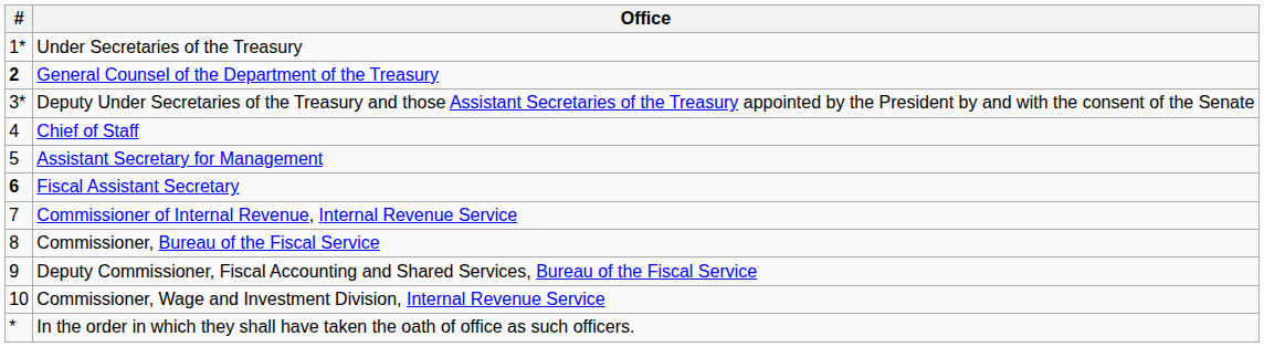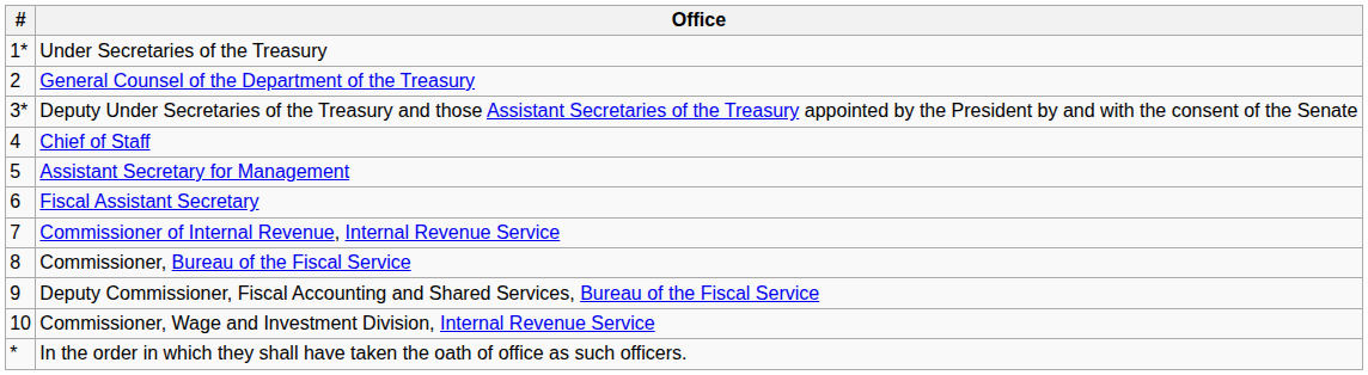 <table class="wikitable">
 <tr>
 <th>#</th>
 <th>Office</th>
 </tr>
 <tr>
 <td>1*</td>
 <td>Under Secretaries of the Treasury</td>
 </tr>
 <tr>
-<td><strong>2</strong></td>
+<td>2</td>
 <td><a href='#'>General Counsel of the Department of the Treasury</a></td>
 </tr>
 <tr>
 <td>3*</td>
 <td>Deputy Under Secretaries of the Treasury and those <a href='#'>Assistant Secretaries of the Treasury</a> appointed by the President by and with the consent of the Senate</td>
 </tr>
 <tr>
 <td>4</td>
 <td><a href='#'>Chief of Staff</a></td>
 </tr>
 <tr>
 <td>5</td>
 <td><a href='#'>Assistant Secretary for Management</a></td>
 </tr>
 <tr>
-<td><strong>6</strong></td>
+<td>6</td>
 <td><a href='#'>Fiscal Assistant Secretary</a></td>
 </tr>
 <tr>
 <td>7</td>
 <td><a href='#'>Commissioner of Internal Revenue</a>, <a href='#'>Internal Revenue Service</a></td>
 </tr>
 <tr>
 <td>8</td>
 <td>Commissioner, <a href='#'>Bureau of the Fiscal Service</a></td>
 </tr>
 <tr>
 <td>9</td>
 <td>Deputy Commissioner, Fiscal Accounting and Shared Services, <a href='#'>Bureau of the Fiscal Service</a></td>
 </tr>
 <tr>
 <td>10</td>
 <td>Commissioner, Wage and Investment Division, <a href='#'>Internal Revenue Service</a></td>
 </tr>
 <tr>
 <td>*</td>
 <td>In the order in which they shall have taken the oath of office as such officers.</td>
 </tr>
 </table>
